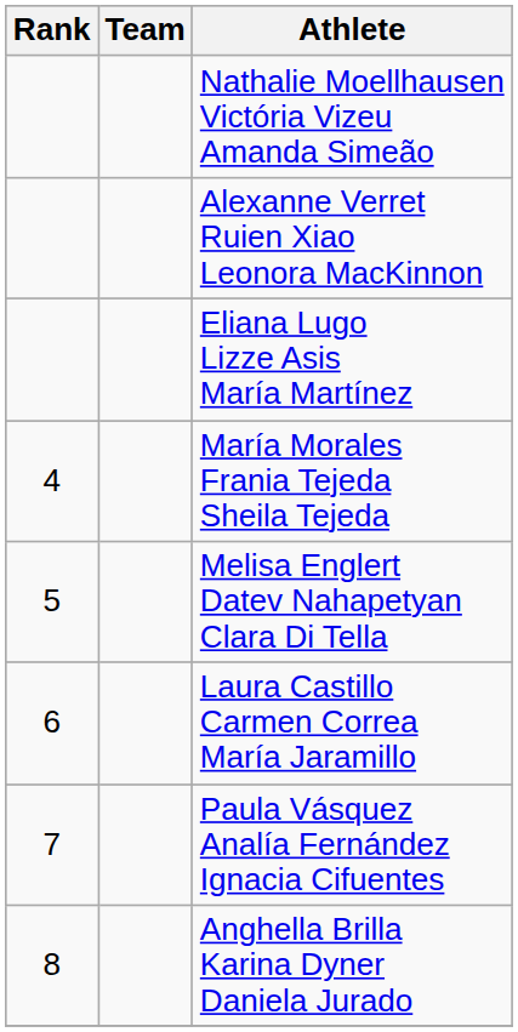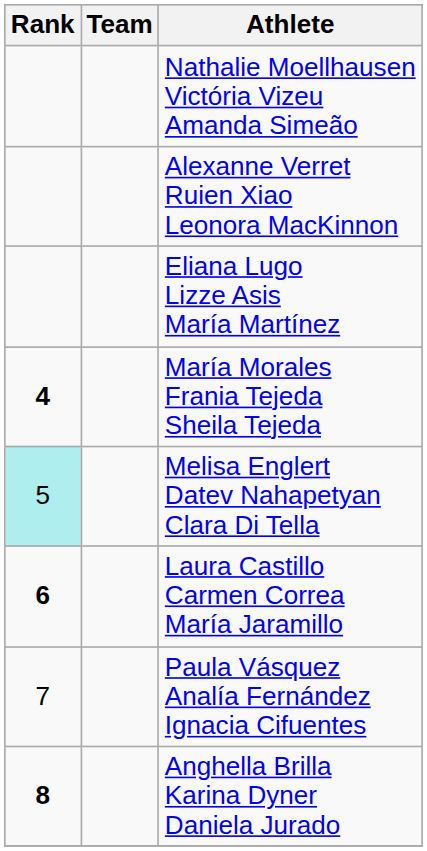 <table class="wikitable sortable" style="text-align:center">
 <tr>
 <th>Rank</th>
 <th>Team</th>
 <th class="unsortable">Athlete</th>
 </tr>
 <tr>
 <td></td>
 <td align="left"></td>
 <td align="left"><a href='#'>Nathalie Moellhausen</a><br><a href='#'>Victória Vizeu</a><br><a href='#'>Amanda Simeão</a></td>
 </tr>
 <tr>
 <td></td>
 <td align="left"></td>
 <td align="left"><a href='#'>Alexanne Verret</a><br><a href='#'>Ruien Xiao</a><br><a href='#'>Leonora MacKinnon</a></td>
 </tr>
 <tr>
 <td></td>
 <td align="left"></td>
 <td align="left"><a href='#'>Eliana Lugo</a><br><a href='#'>Lizze Asis</a><br><a href='#'>María Martínez</a></td>
 </tr>
 <tr>
-<td>4</td>
+<td><strong>4</strong></td>
 <td align="left"></td>
 <td align="left"><a href='#'>María Morales</a><br><a href='#'>Frania Tejeda</a><br><a href='#'>Sheila Tejeda</a></td>
 </tr>
 <tr>
-<td>5</td>
+<td style="background: paleturquoise;">5</td>
 <td align="left"></td>
 <td align="left"><a href='#'>Melisa Englert</a><br><a href='#'>Datev Nahapetyan</a><br><a href='#'>Clara Di Tella</a></td>
 </tr>
 <tr>
-<td>6</td>
+<td><strong>6</strong></td>
 <td align="left"></td>
 <td align="left"><a href='#'>Laura Castillo</a><br><a href='#'>Carmen Correa</a><br><a href='#'>María Jaramillo</a></td>
 </tr>
 <tr>
 <td>7</td>
 <td align="left"></td>
 <td align="left"><a href='#'>Paula Vásquez</a><br><a href='#'>Analía Fernández</a><br><a href='#'>Ignacia Cifuentes</a></td>
 </tr>
 <tr>
-<td>8</td>
+<td><strong>8</strong></td>
 <td align="left"></td>
 <td align="left"><a href='#'>Anghella Brilla</a><br><a href='#'>Karina Dyner</a><br><a href='#'>Daniela Jurado</a></td>
 </tr>
 <tr>
 </tr>
 </table>
